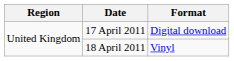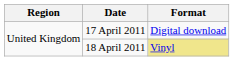 <table class=wikitable>
 <tr>
 <th>Region</th>
 <th>Date</th>
 <th>Format</th>
 </tr>
 <tr>
 <td align="center" rowspan="2">United Kingdom</td>
 <td>17 April 2011</td>
 <td><a href='#'>Digital download</a></td>
 </tr>
 <tr>
 <td>18 April 2011</td>
-<td><a href='#'>Vinyl</a></td>
+<td style="background: khaki;"><a href='#'>Vinyl</a></td>
 </tr>
 </table>
